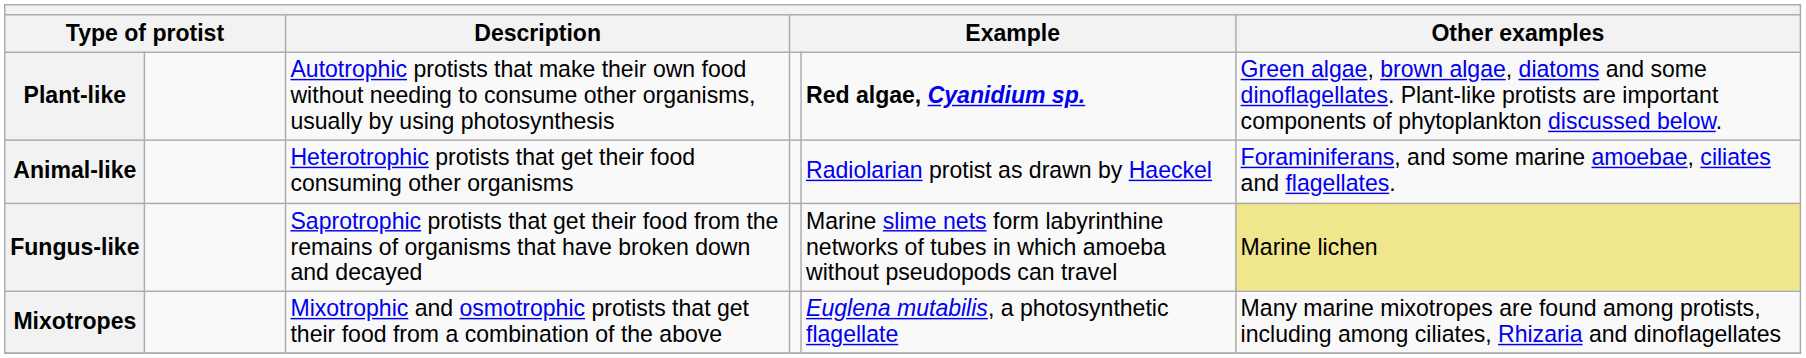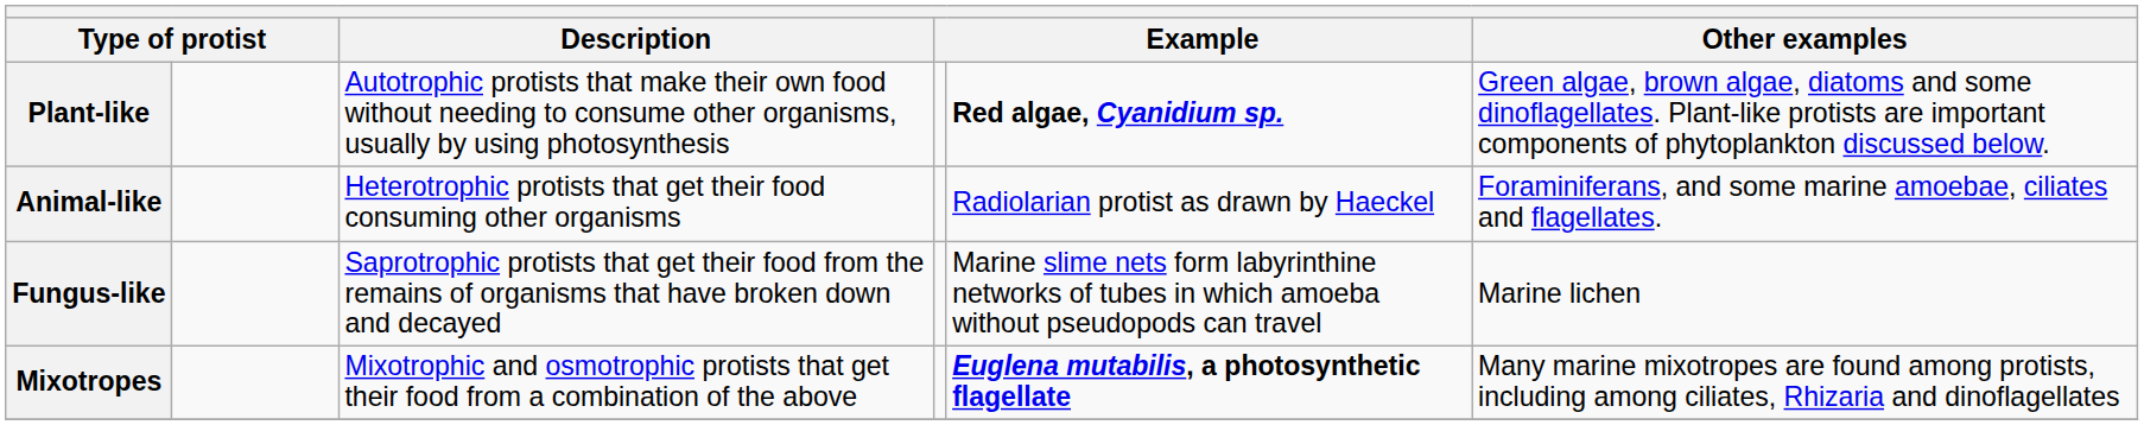 <table class="wikitable">
 <tr>
 <th colspan=8></th>
 </tr>
 <tr>
 <th colspan=2>Type of protist</th>
 <th>Description</th>
 <th colspan=2>Example</th>
 <th>Other examples</th>
 </tr>
 <tr>
 <th width=90px>Plant-like</th>
 <td width=90px></td>
 <td><a href='#'>Autotrophic</a> protists that make their own food without needing to consume other organisms, usually by using photosynthesis</td>
 <td></td>
 <td><strong>Red algae, <em><a href='#'>Cyanidium sp.</a></em></strong></td>
 <td><a href='#'>Green algae</a>, <a href='#'>brown algae</a>, <a href='#'>diatoms</a> and some <a href='#'>dinoflagellates</a>. Plant-like protists are important components of phytoplankton <a href='#'>discussed below</a>.</td>
 </tr>
 <tr>
 <th>Animal-like</th>
 <td></td>
 <td><a href='#'>Heterotrophic</a> protists that get their food consuming other organisms</td>
 <td></td>
 <td><a href='#'>Radiolarian</a> protist as drawn by <a href='#'>Haeckel</a></td>
 <td><a href='#'>Foraminiferans</a>, and some marine <a href='#'>amoebae</a>, <a href='#'>ciliates</a> and <a href='#'>flagellates</a>.</td>
 </tr>
 <tr>
 <th>Fungus-like</th>
 <td></td>
 <td><a href='#'>Saprotrophic</a> protists that get their food from the remains of organisms that have broken down and decayed</td>
 <td></td>
 <td>Marine <a href='#'>slime nets</a> form labyrinthine networks of tubes in which amoeba without pseudopods can travel</td>
-<td style="background: khaki;">Marine lichen</td>
+<td>Marine lichen</td>
 </tr>
 <tr>
 <th>Mixotropes</th>
 <td></td>
 <td><a href='#'>Mixotrophic</a> and <a href='#'>osmotrophic</a> protists that get their food from a combination of the above</td>
 <td></td>
-<td><em><a href='#'>Euglena mutabilis</a></em>, a photosynthetic <a href='#'>flagellate</a></td>
+<td><strong><em><a href='#'>Euglena mutabilis</a></em>, a photosynthetic <a href='#'>flagellate</a></strong></td>
 <td>Many marine mixotropes are found among protists, including among ciliates, <a href='#'>Rhizaria</a> and dinoflagellates </td>
 </tr>
 <tr>
 </tr>
 </table>
